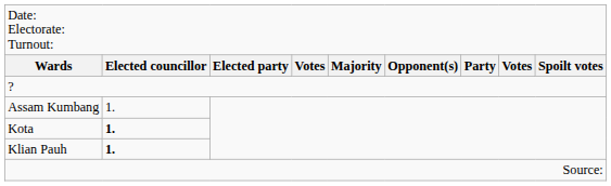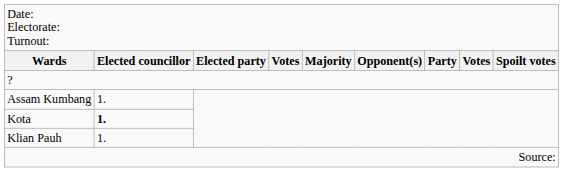 <table class=wikitable>
 <tr>
 <td colspan=9>Date: <br>Electorate: <br>Turnout:</td>
 </tr>
 <tr>
 <th>Wards</th>
 <th>Elected councillor</th>
 <th>Elected party</th>
 <th>Votes</th>
 <th>Majority</th>
 <th>Opponent(s)</th>
 <th>Party</th>
 <th>Votes</th>
 <th>Spoilt votes</th>
 </tr>
 <tr>
 <td colspan=9>? </td>
 </tr>
 <tr>
 <td>Assam Kumbang</td>
 <td>1.</td>
 </tr>
 <tr>
 <td>Kota</td>
 <td><strong>1.</strong></td>
 </tr>
 <tr>
 <td>Klian Pauh</td>
-<td><strong>1.</strong></td>
+<td>1.</td>
 </tr>
 <tr>
 <td colspan=9 align=right>Source:</td>
 </tr>
 </table>
